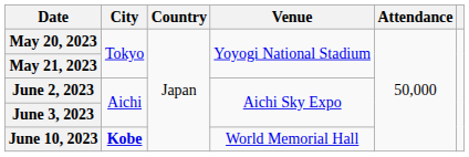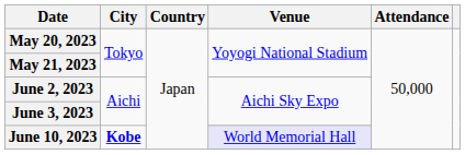 <table class="wikitable plainrowheaders" style="text-align:center">
 <tr>
 <th scope="col">Date</th>
 <th scope="col">City</th>
 <th scope="col">Country</th>
 <th scope="col">Venue</th>
 <th scope="col">Attendance</th>
 <th scope="col"></th>
 </tr>
 <tr>
 <th scope="row">May 20, 2023</th>
 <td rowspan="2"><a href='#'>Tokyo</a></td>
 <td rowspan="5">Japan</td>
 <td rowspan="2"><a href='#'>Yoyogi National Stadium</a></td>
 <td rowspan="5">50,000</td>
 <td rowspan="5"></td>
 </tr>
 <tr>
 <th scope="row">May 21, 2023</th>
 </tr>
 <tr>
 <th scope="row">June 2, 2023</th>
 <td rowspan="2"><a href='#'>Aichi</a></td>
 <td rowspan="2"><a href='#'>Aichi Sky Expo</a></td>
 </tr>
 <tr>
 <th scope="row">June 3, 2023</th>
 </tr>
 <tr>
 <th scope="row">June 10, 2023</th>
 <td><strong><a href='#'>Kobe</a></strong></td>
-<td><a href='#'>World Memorial Hall</a></td>
+<td style="background: lavender;"><a href='#'>World Memorial Hall</a></td>
 </tr>
 </table>
